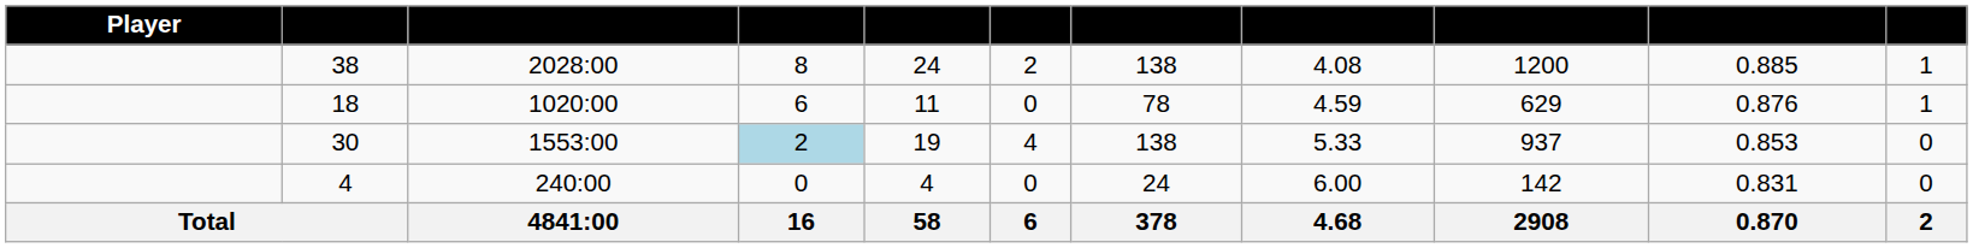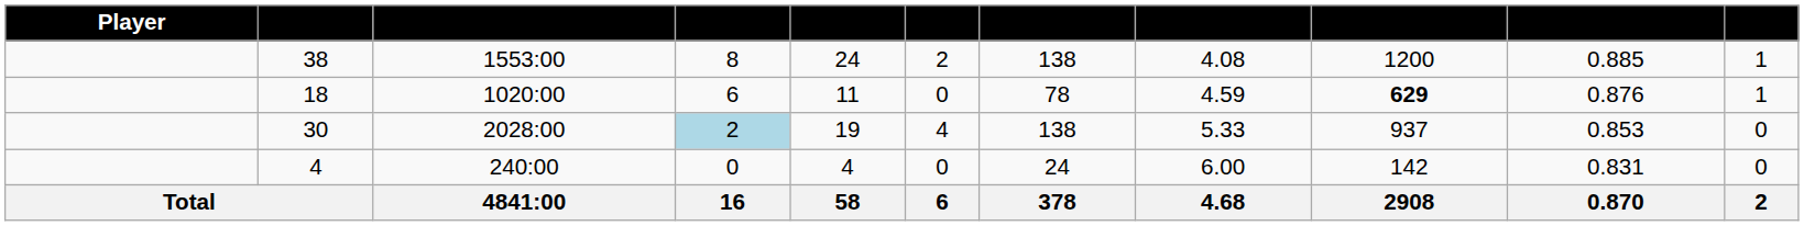 <table class="wikitable sortable" style="width:100%; text-align:center;">
 <tr>
 <th style="color:white; background:#000000; ">Player</th>
 <th style="color:white; background:#000000; "></th>
 <th style="color:white; background:#000000; "></th>
 <th style="color:white; background:#000000; "></th>
 <th style="color:white; background:#000000; "></th>
 <th style="color:white; background:#000000; "></th>
 <th style="color:white; background:#000000; "></th>
 <th style="color:white; background:#000000; "></th>
 <th style="color:white; background:#000000; "></th>
 <th style="color:white; background:#000000; "></th>
 <th style="color:white; background:#000000; "></th>
 </tr>
 <tr>
 <td></td>
 <td>38</td>
-<td>2028:00</td>
+<td>1553:00</td>
 <td>8</td>
 <td>24</td>
 <td>2</td>
 <td>138</td>
 <td>4.08</td>
 <td>1200</td>
 <td>0.885</td>
 <td>1</td>
 </tr>
 <tr>
 <td></td>
 <td>18</td>
 <td>1020:00</td>
 <td>6</td>
 <td>11</td>
 <td>0</td>
 <td>78</td>
 <td>4.59</td>
-<td>629</td>
+<td><strong>629</strong></td>
 <td>0.876</td>
 <td>1</td>
 </tr>
 <tr>
 <td></td>
 <td>30</td>
-<td>1553:00</td>
+<td>2028:00</td>
 <td style="background: lightblue;">2</td>
 <td>19</td>
 <td>4</td>
 <td>138</td>
 <td>5.33</td>
 <td>937</td>
 <td>0.853</td>
 <td>0</td>
 </tr>
 <tr>
 <td></td>
 <td>4</td>
 <td>240:00</td>
 <td>0</td>
 <td>4</td>
 <td>0</td>
 <td>24</td>
 <td>6.00</td>
 <td>142</td>
 <td>0.831</td>
 <td>0</td>
 </tr>
 <tr class="sortbottom">
 <th colspan=2>Total</th>
 <th>4841:00</th>
 <th>16</th>
 <th>58</th>
 <th>6</th>
 <th>378</th>
 <th>4.68</th>
 <th>2908</th>
 <th>0.870</th>
 <th>2</th>
 </tr>
 </table>
